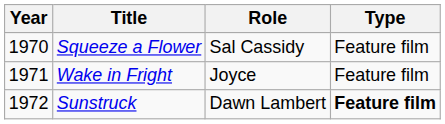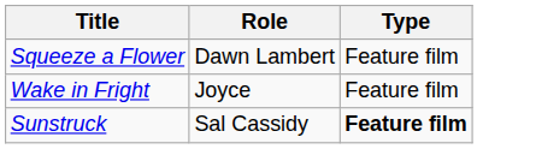 <table class="wikitable">
 <tr>
-<th>Year</th>
 <th>Title</th>
 <th>Role</th>
 <th>Type</th>
 </tr>
 <tr>
-<td>1970</td>
 <td><em><a href='#'>Squeeze a Flower</a></em></td>
-<td>Sal Cassidy</td>
+<td>Dawn Lambert</td>
 <td>Feature film</td>
 </tr>
 <tr>
-<td>1971</td>
 <td><em><a href='#'>Wake in Fright</a></em></td>
 <td>Joyce</td>
 <td>Feature film</td>
 </tr>
 <tr>
-<td>1972</td>
 <td><em><a href='#'>Sunstruck</a></em></td>
-<td>Dawn Lambert</td>
+<td>Sal Cassidy</td>
 <td><strong>Feature film</strong></td>
 </tr>
 </table>
